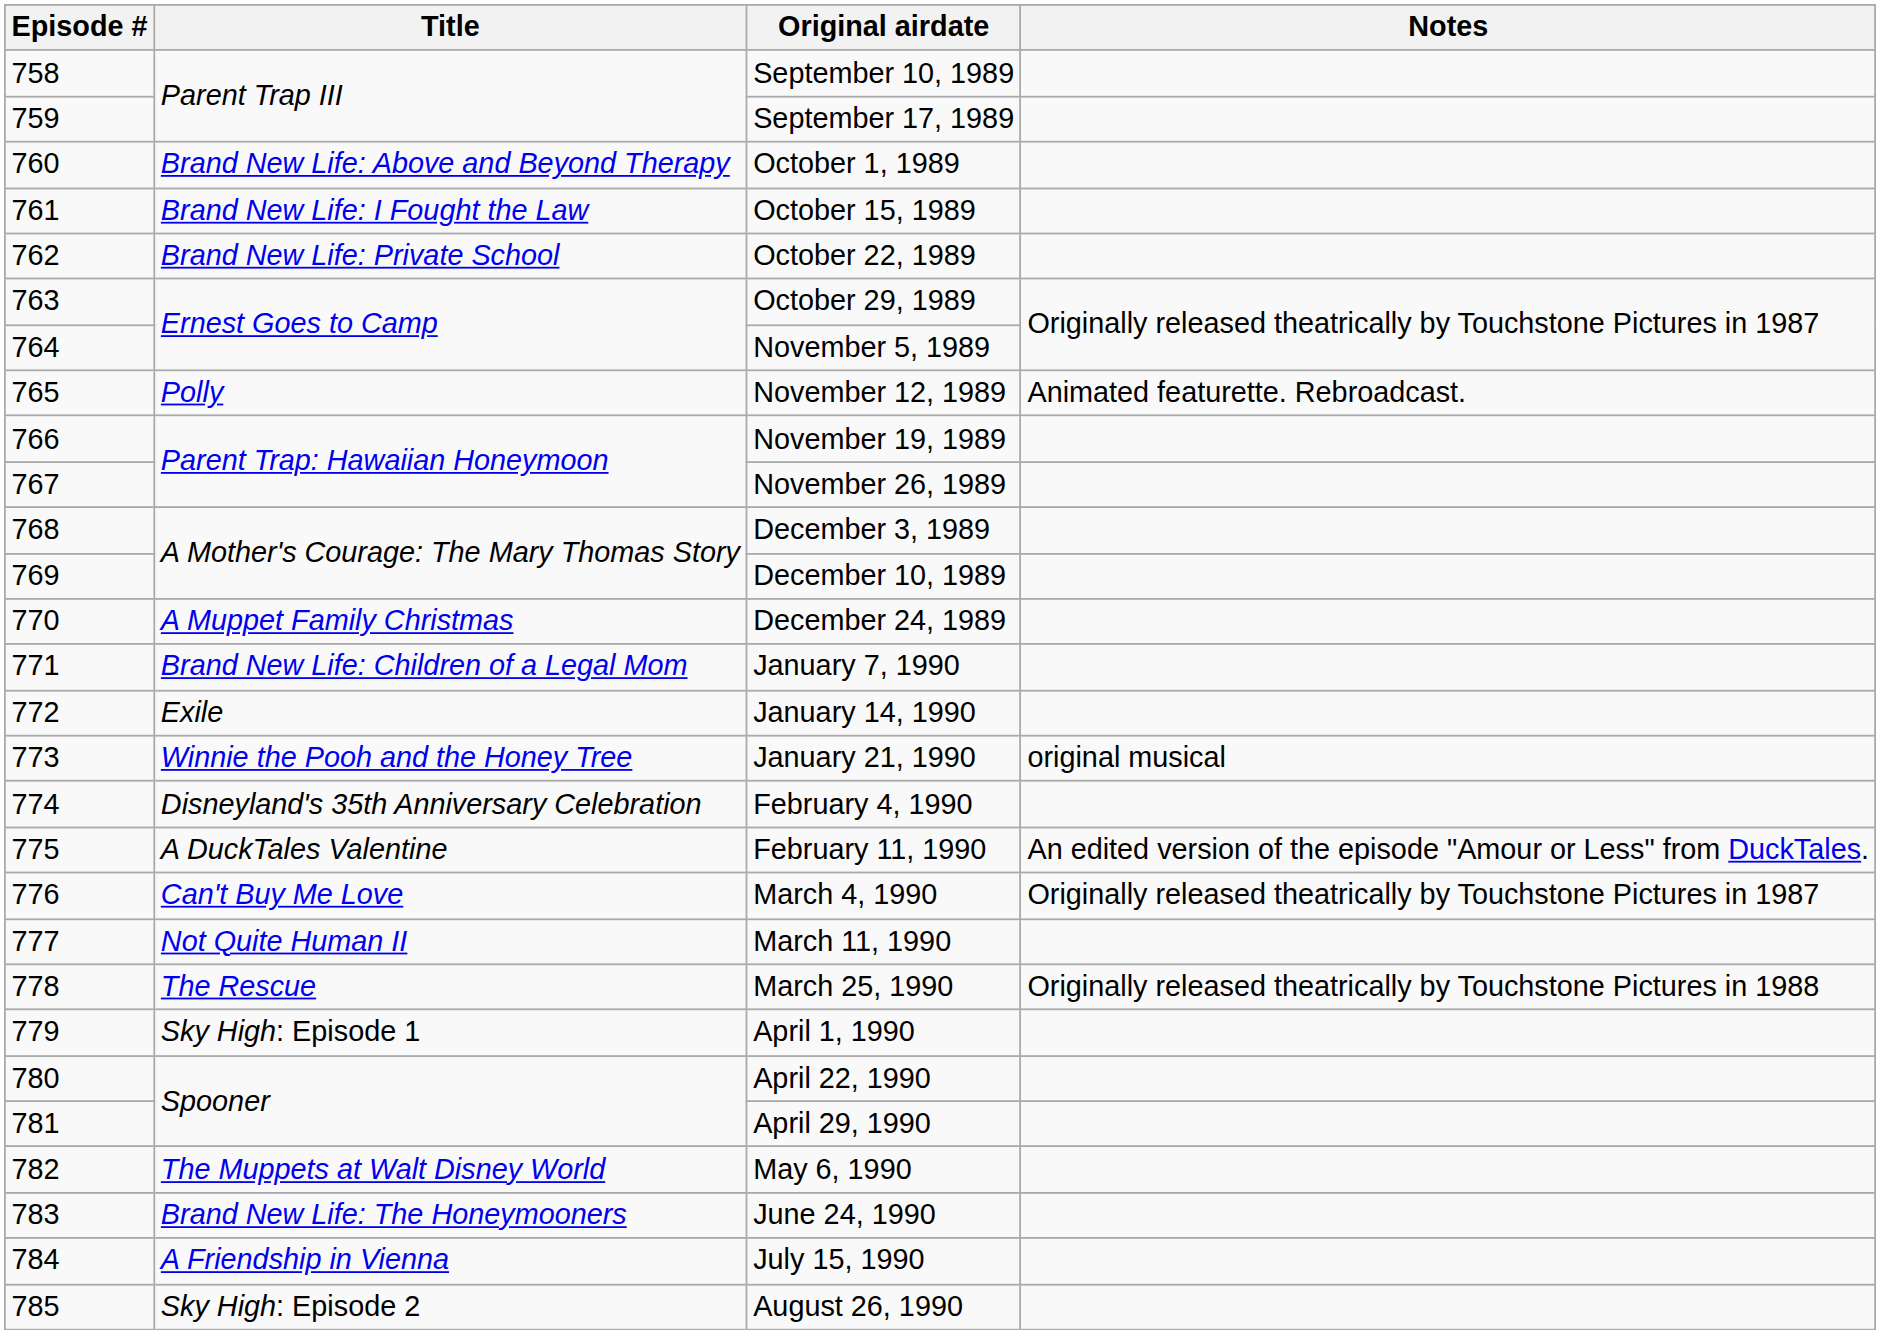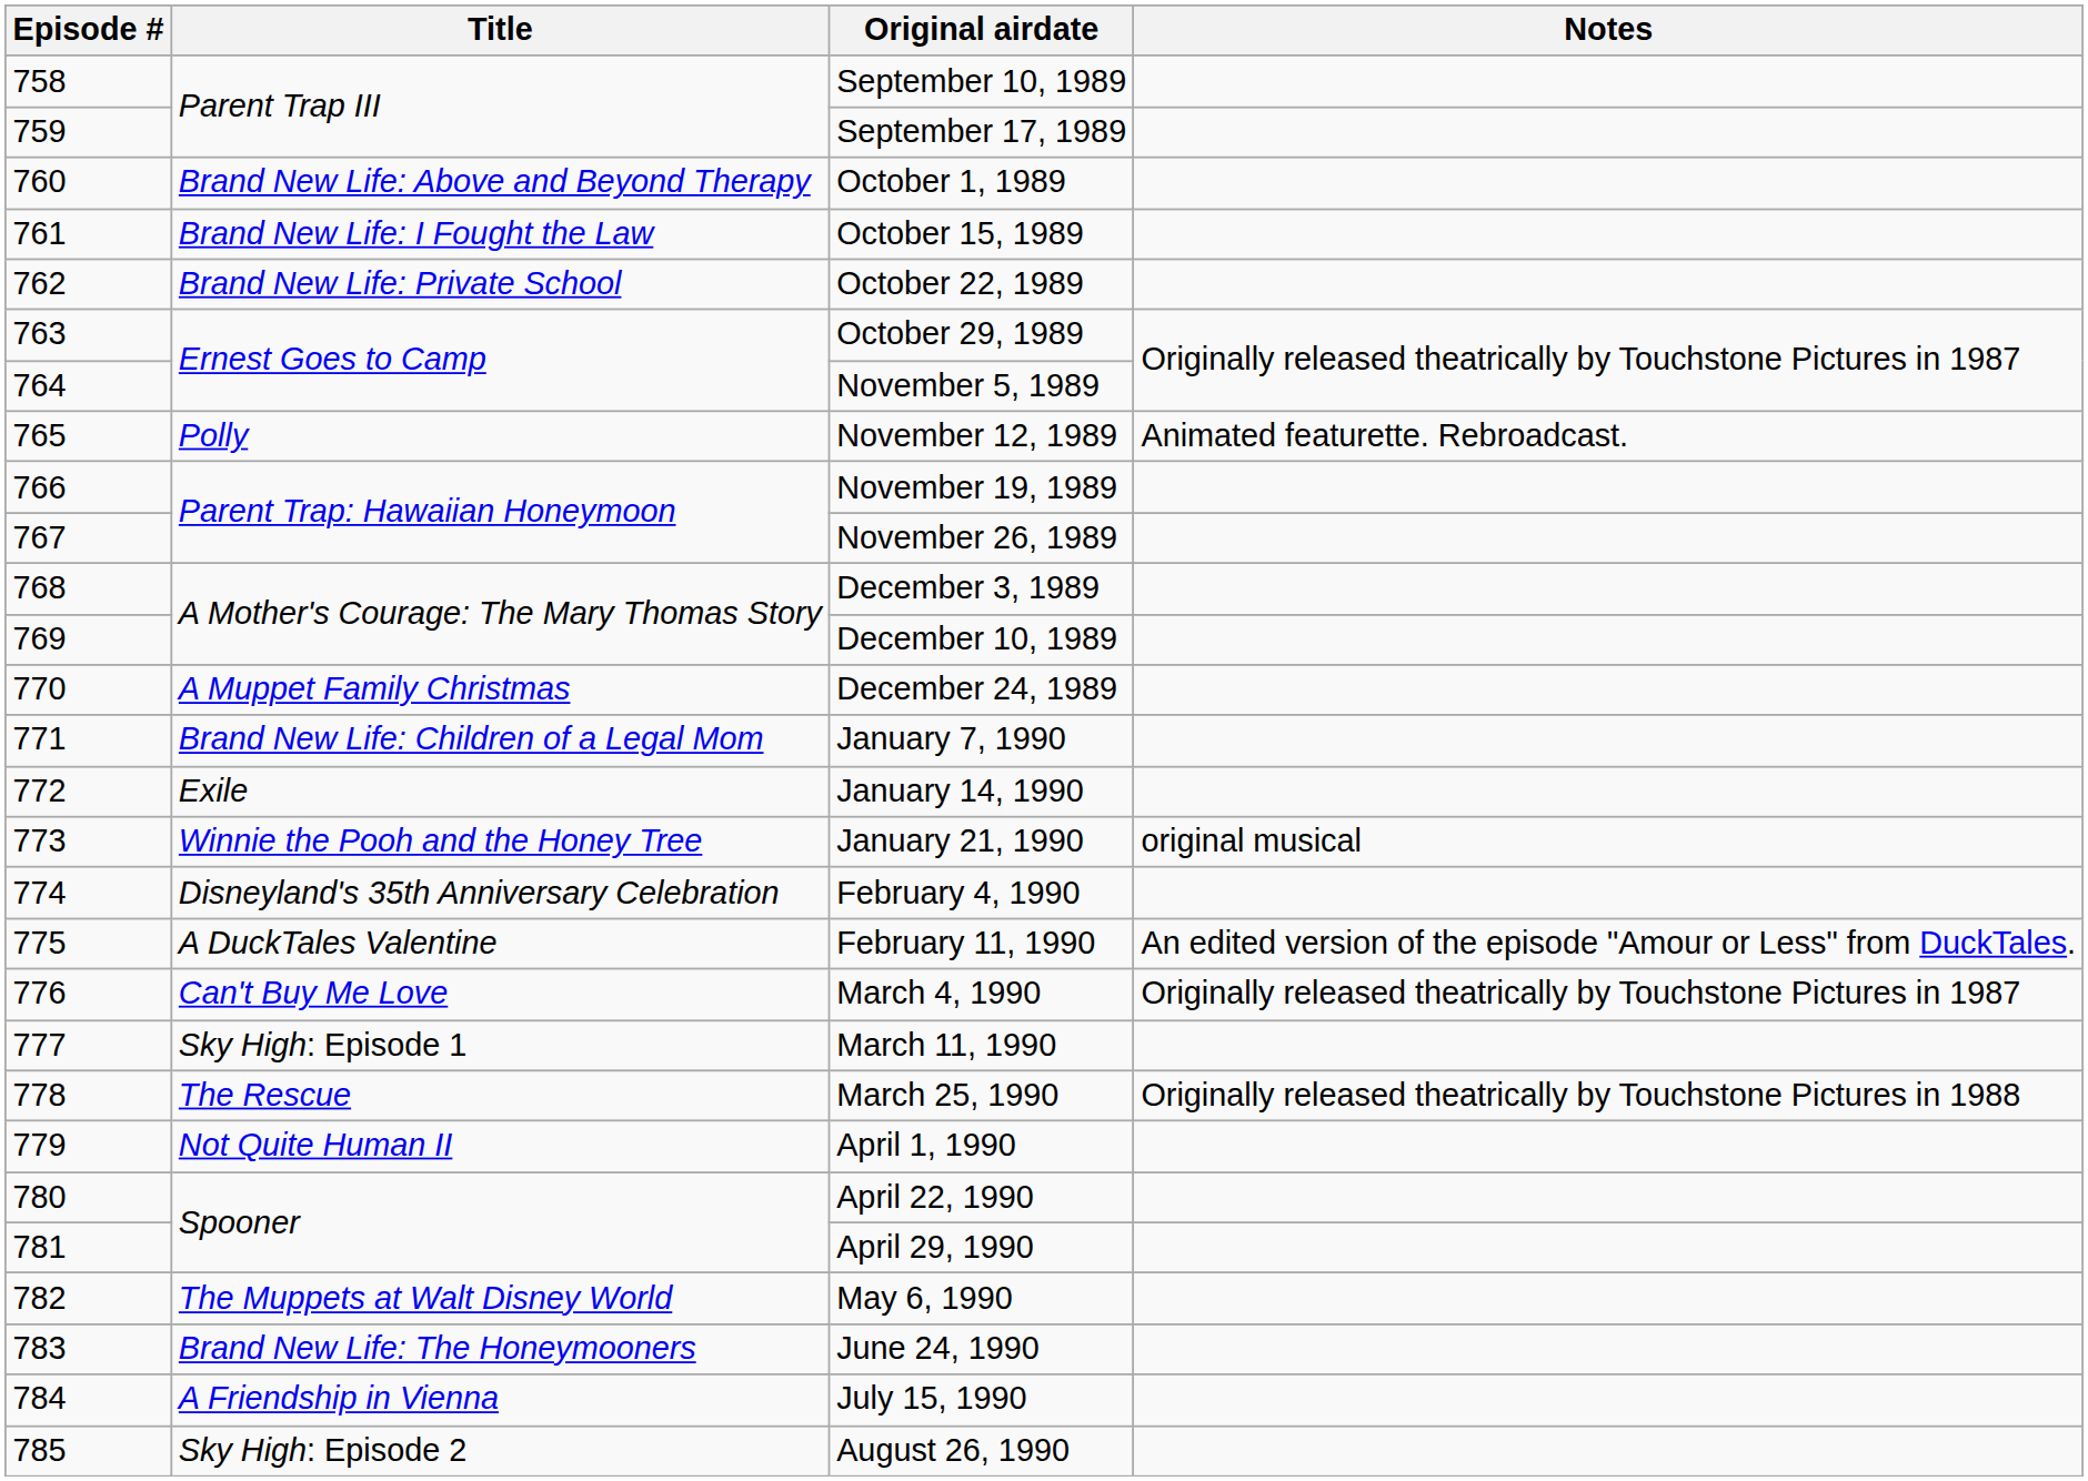 <table class="wikitable sortable">
 <tr>
 <th>Episode #</th>
 <th>Title</th>
 <th>Original airdate</th>
 <th>Notes</th>
 </tr>
 <tr>
 <td>758</td>
 <td rowspan="2"><em>Parent Trap III</em></td>
 <td>September 10, 1989</td>
 <td></td>
 </tr>
 <tr>
 <td>759</td>
 <td>September 17, 1989</td>
 <td></td>
 </tr>
 <tr>
 <td>760</td>
 <td><em><a href='#'>Brand New Life: Above and Beyond Therapy</a></em></td>
 <td>October 1, 1989</td>
 <td></td>
 </tr>
 <tr>
 <td>761</td>
 <td><em><a href='#'>Brand New Life: I Fought the Law</a></em></td>
 <td>October 15, 1989</td>
 <td></td>
 </tr>
 <tr>
 <td>762</td>
 <td><em><a href='#'>Brand New Life: Private School</a></em></td>
 <td>October 22, 1989</td>
 <td></td>
 </tr>
 <tr>
 <td>763</td>
 <td rowspan="2"><em><a href='#'>Ernest Goes to Camp</a></em></td>
 <td>October 29, 1989</td>
 <td rowspan="2">Originally released theatrically by Touchstone Pictures in 1987</td>
 </tr>
 <tr>
 <td>764</td>
 <td>November 5, 1989</td>
 </tr>
 <tr>
 <td>765</td>
 <td><em><a href='#'>Polly</a></em></td>
 <td>November 12, 1989</td>
 <td>Animated featurette.  Rebroadcast.</td>
 </tr>
 <tr>
 <td>766</td>
 <td rowspan="2"><em><a href='#'>Parent Trap: Hawaiian Honeymoon</a></em></td>
 <td>November 19, 1989</td>
 <td></td>
 </tr>
 <tr>
 <td>767</td>
 <td>November 26, 1989</td>
 <td></td>
 </tr>
 <tr>
 <td>768</td>
 <td rowspan="2"><em>A Mother's Courage: The Mary Thomas Story</em></td>
 <td>December 3, 1989</td>
 <td></td>
 </tr>
 <tr>
 <td>769</td>
 <td>December 10, 1989</td>
 <td></td>
 </tr>
 <tr>
 <td>770</td>
 <td><em><a href='#'>A Muppet Family Christmas</a></em></td>
 <td>December 24, 1989</td>
 <td></td>
 </tr>
 <tr>
 <td>771</td>
 <td><em><a href='#'>Brand New Life: Children of a Legal Mom</a></em></td>
 <td>January 7, 1990</td>
 <td></td>
 </tr>
 <tr>
 <td>772</td>
 <td><em>Exile</em></td>
 <td>January 14, 1990</td>
 <td></td>
 </tr>
 <tr>
 <td>773</td>
 <td><em><a href='#'>Winnie the Pooh and the Honey Tree</a></em></td>
 <td>January 21, 1990</td>
 <td>original musical</td>
 </tr>
 <tr>
 <td>774</td>
 <td><em>Disneyland's 35th Anniversary Celebration</em></td>
 <td>February 4, 1990</td>
 <td></td>
 </tr>
 <tr>
 <td>775</td>
 <td><em>A DuckTales Valentine</em></td>
 <td>February 11, 1990</td>
 <td>An edited version of the episode "Amour or Less" from <a href='#'>DuckTales</a>.</td>
 </tr>
 <tr>
 <td>776</td>
 <td><em><a href='#'>Can't Buy Me Love</a></em></td>
 <td>March 4, 1990</td>
 <td>Originally released theatrically by Touchstone Pictures in 1987</td>
 </tr>
 <tr>
 <td>777</td>
-<td><em><a href='#'>Not Quite Human II</a></em></td>
+<td><em>Sky High</em>: Episode 1</td>
 <td>March 11, 1990</td>
 <td></td>
 </tr>
 <tr>
 <td>778</td>
 <td><em><a href='#'>The Rescue</a></em></td>
 <td>March 25, 1990</td>
 <td>Originally released theatrically by Touchstone Pictures in 1988</td>
 </tr>
 <tr>
 <td>779</td>
-<td><em>Sky High</em>: Episode 1</td>
+<td><em><a href='#'>Not Quite Human II</a></em></td>
 <td>April 1, 1990</td>
 <td></td>
 </tr>
 <tr>
 <td>780</td>
 <td rowspan="2"><em>Spooner</em></td>
 <td>April 22, 1990</td>
 <td></td>
 </tr>
 <tr>
 <td>781</td>
 <td>April 29, 1990</td>
 <td></td>
 </tr>
 <tr>
 <td>782</td>
 <td><em><a href='#'>The Muppets at Walt Disney World</a></em></td>
 <td>May 6, 1990</td>
 <td></td>
 </tr>
 <tr>
 <td>783</td>
 <td><em><a href='#'>Brand New Life: The Honeymooners</a></em></td>
 <td>June 24, 1990</td>
 <td></td>
 </tr>
 <tr>
 <td>784</td>
 <td><em><a href='#'>A Friendship in Vienna</a></em></td>
 <td>July 15, 1990</td>
 <td></td>
 </tr>
 <tr>
 <td>785</td>
 <td><em>Sky High</em>: Episode 2</td>
 <td>August 26, 1990</td>
 <td></td>
 </tr>
 </table>
